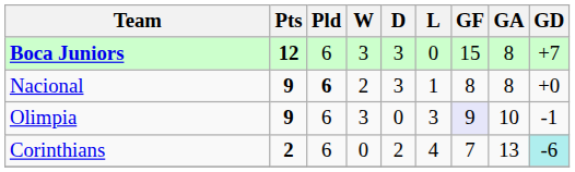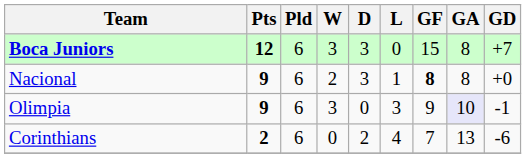 <table class="wikitable" style="text-align: center;">
 <tr>
 <th width="200">Team</th>
 <th width="20" abbr="Points">Pts</th>
 <th width="20" abbr="Played">Pld</th>
 <th width="20" abbr="Won">W</th>
 <th width="20" abbr="Drawn">D</th>
 <th width="20" abbr="Lost">L</th>
 <th width="20" abbr="Goals for">GF</th>
 <th width="20" abbr="Goals against">GA</th>
 <th width="20" abbr="Goal difference">GD</th>
 </tr>
 <tr bgcolor="#ccffcc">
 <td style="text-align:left;"> <strong><a href='#'>Boca Juniors</a></strong></td>
 <td><strong>12</strong></td>
 <td>6</td>
 <td>3</td>
 <td>3</td>
 <td>0</td>
 <td>15</td>
 <td>8</td>
 <td>+7</td>
 </tr>
 <tr>
 <td style="text-align:left;"> <a href='#'>Nacional</a></td>
 <td><strong>9</strong></td>
-<td><strong>6</strong></td>
+<td>6</td>
 <td>2</td>
 <td>3</td>
 <td>1</td>
-<td>8</td>
+<td><strong>8</strong></td>
 <td>8</td>
 <td>+0</td>
 </tr>
 <tr>
 <td style="text-align:left;"> <a href='#'>Olimpia</a></td>
 <td><strong>9</strong></td>
 <td>6</td>
 <td>3</td>
 <td>0</td>
 <td>3</td>
-<td style="background: lavender;">9</td>
-<td>10</td>
+<td>9</td>
+<td style="background: lavender;">10</td>
 <td>-1</td>
 </tr>
 <tr>
 <td style="text-align:left;"> <a href='#'>Corinthians</a></td>
 <td><strong>2</strong></td>
 <td>6</td>
 <td>0</td>
 <td>2</td>
 <td>4</td>
 <td>7</td>
 <td>13</td>
-<td style="background: paleturquoise;">-6</td>
+<td>-6</td>
 </tr>
 <tr>
 </tr>
 </table>
